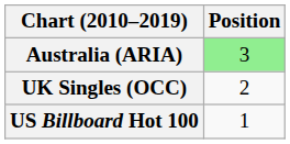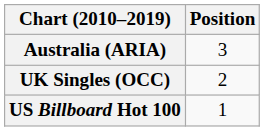 <table class="wikitable sortable plainrowheaders" style="text-align:center">
 <tr>
 <th scope="col">Chart (2010–2019)</th>
 <th scope="col">Position</th>
 </tr>
 <tr>
 <th scope="row">Australia (ARIA)</th>
-<td style="background: lightgreen;">3</td>
+<td>3</td>
 </tr>
 <tr>
 <th scope="row">UK Singles (OCC)</th>
 <td>2</td>
 </tr>
 <tr>
 <th scope="row">US <em>Billboard</em> Hot 100</th>
 <td>1</td>
 </tr>
 </table>
